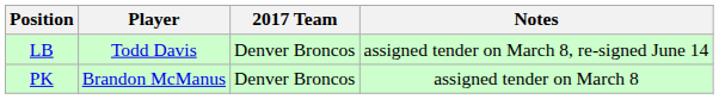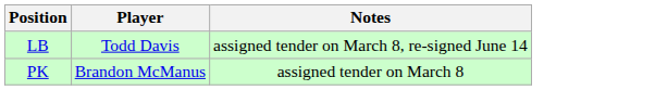 <table class="wikitable" style="text-align:center">
 <tr>
 <th>Position</th>
 <th>Player</th>
-<th>2017 Team</th>
 <th>Notes</th>
 </tr>
 <tr style="background:#cfc">
 <td><a href='#'>LB</a></td>
 <td><a href='#'>Todd Davis</a></td>
-<td>Denver Broncos</td>
 <td>assigned tender on March 8, re-signed June 14</td>
 </tr>
 <tr style="background:#cfc">
 <td><a href='#'>PK</a></td>
 <td><a href='#'>Brandon McManus</a></td>
-<td>Denver Broncos</td>
 <td>assigned tender on March 8</td>
 </tr>
 </table>
